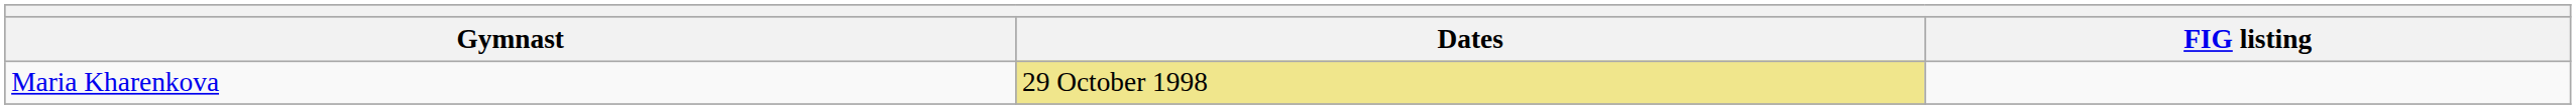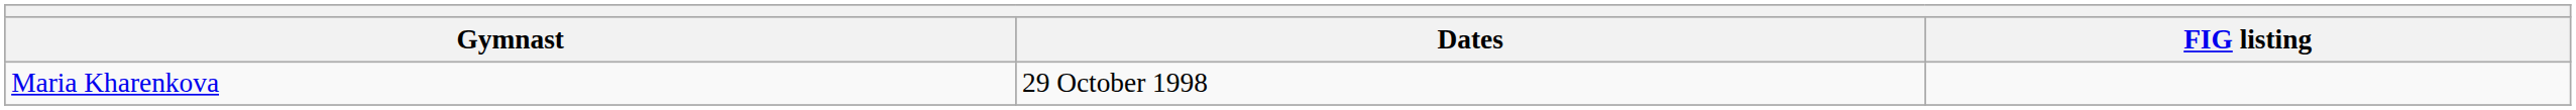 <table class="wikitable mw-collapsible mw-collapsed" width="75%">
 <tr>
 <th colspan="3"></th>
 </tr>
 <tr>
 <th>Gymnast</th>
 <th>Dates</th>
 <th><a href='#'>FIG</a> listing</th>
 </tr>
 <tr>
 <td><a href='#'>Maria Kharenkova</a></td>
-<td style="background: khaki;">29 October 1998</td>
+<td>29 October 1998</td>
 <td></td>
 </tr>
 </table>
